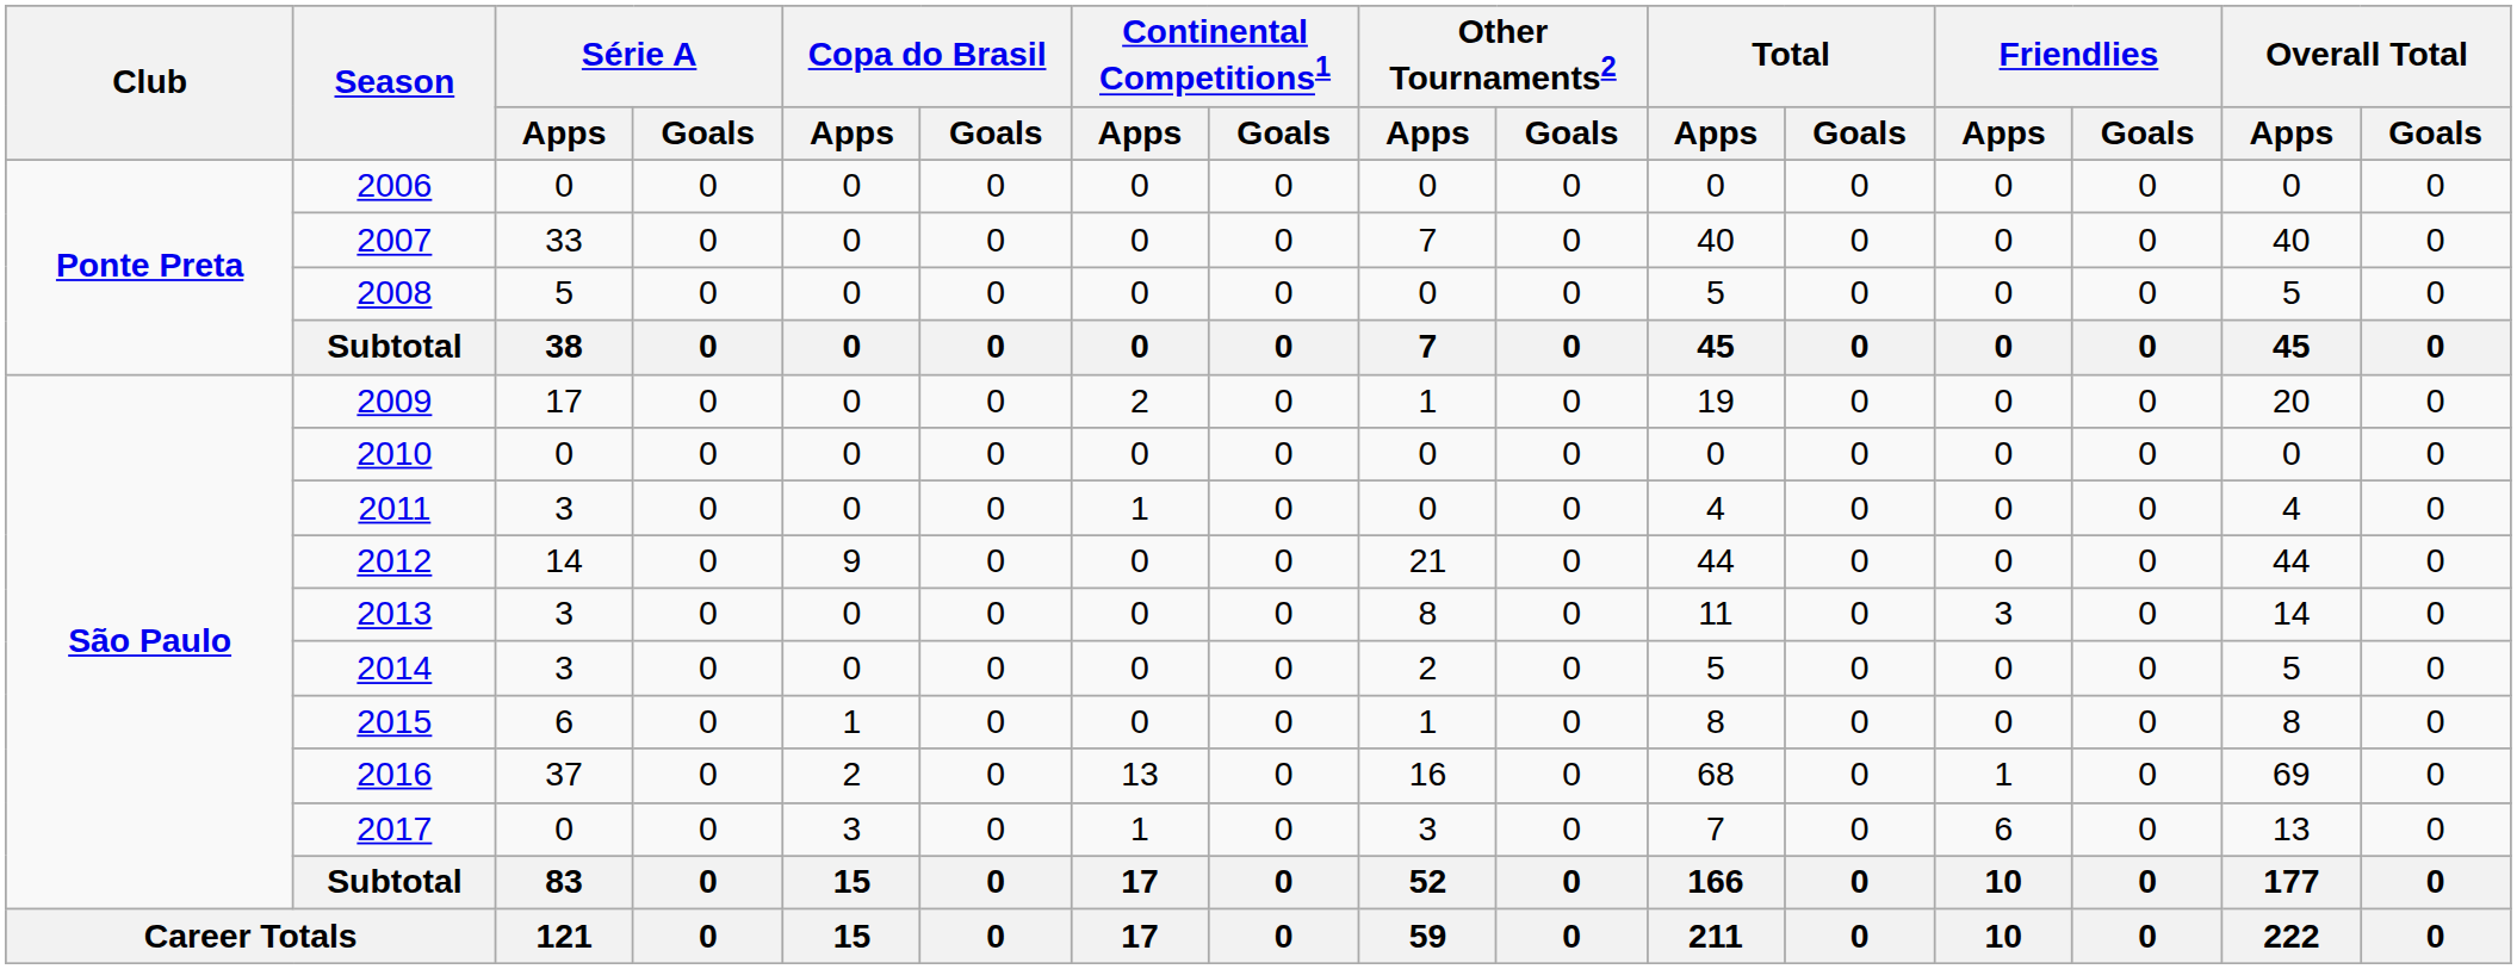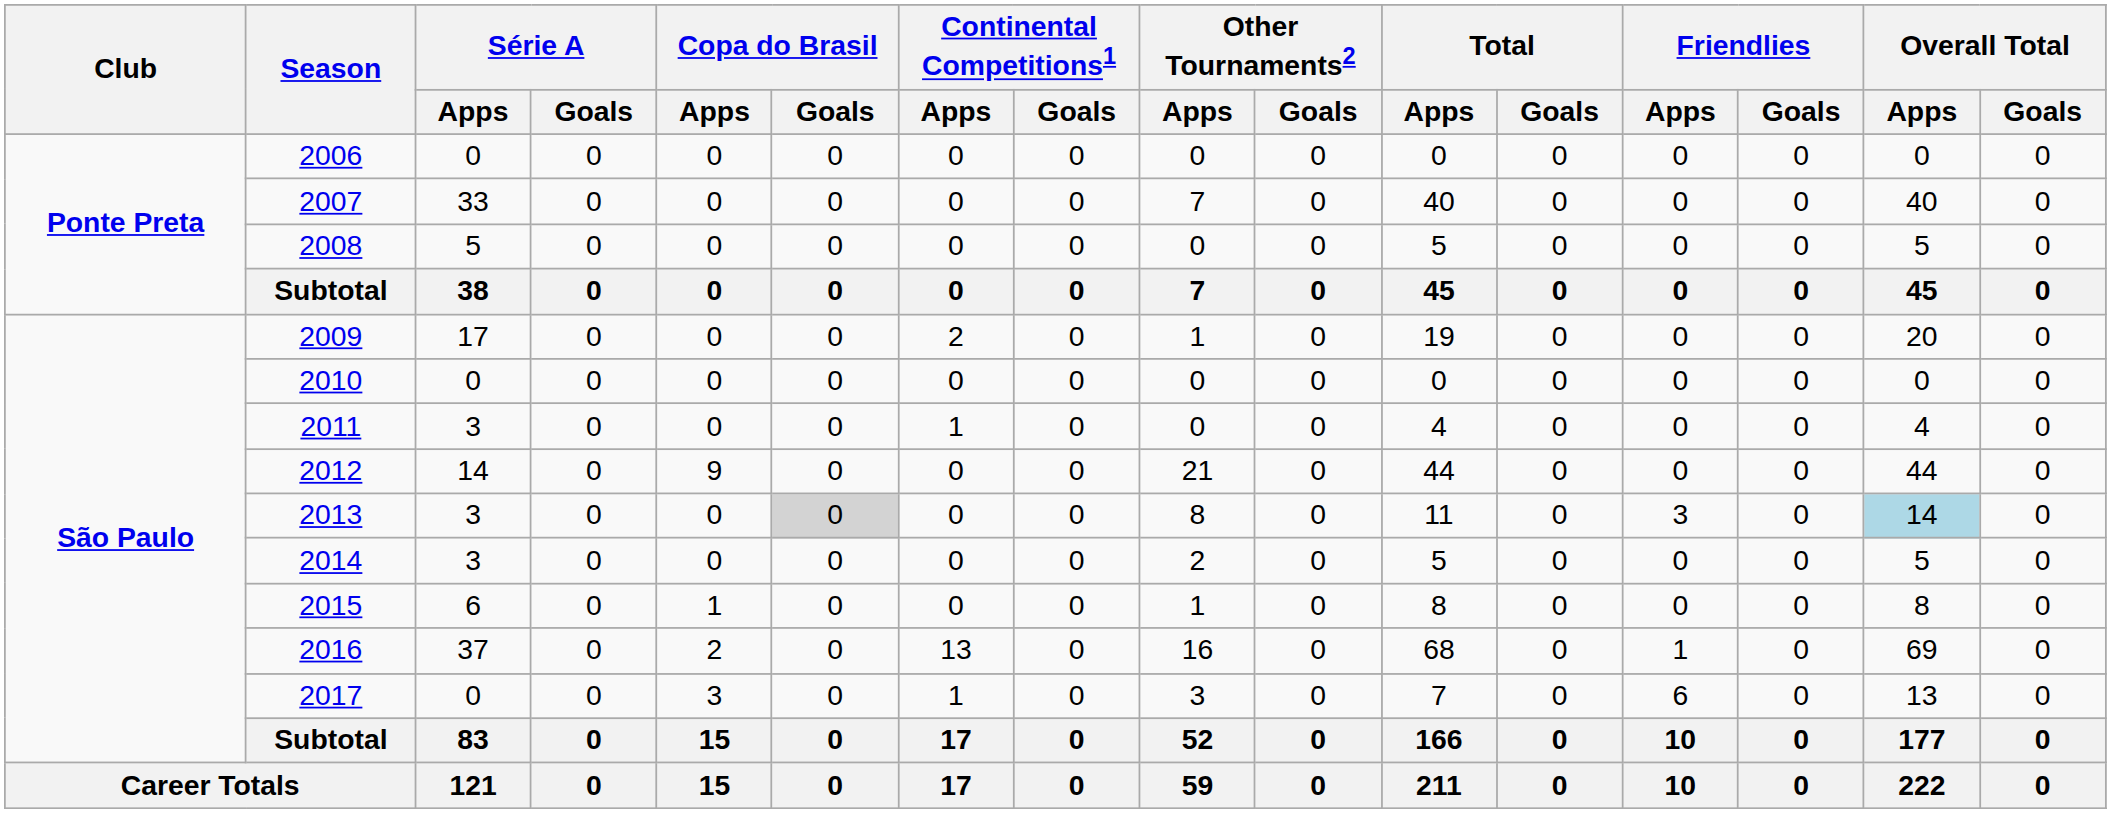 <table class="wikitable" style="clear:center; text-align:center;" width=75%>
 <tr>
 <th rowspan="2" width=10%>Club</th>
 <th rowspan="2" width=7%><a href='#'>Season</a></th>
 <th colspan="2" width=10%><a href='#'>Série A</a></th>
 <th colspan="2" width=10%><a href='#'>Copa do Brasil</a></th>
 <th colspan="2" width=10%><a href='#'>Continental<br>Competitions</a><sup><strong><a href='#'>1</a></strong></sup></th>
 <th colspan="2" width=10%>Other<br>Tournaments<sup><strong><a href='#'>2</a></strong></sup></th>
 <th colspan="2" width=10%>Total</th>
 <th colspan="2" width=10%><a href='#'>Friendlies</a></th>
 <th colspan="2" width=10%>Overall Total</th>
 </tr>
 <tr>
 <th>Apps</th>
 <th>Goals</th>
 <th>Apps</th>
 <th>Goals</th>
 <th>Apps</th>
 <th>Goals</th>
 <th>Apps</th>
 <th>Goals</th>
 <th>Apps</th>
 <th>Goals</th>
 <th>Apps</th>
 <th>Goals</th>
 <th>Apps</th>
 <th>Goals</th>
 </tr>
 <tr>
 <td rowspan="4" align=center><strong><a href='#'>Ponte Preta</a></strong></td>
 <td><a href='#'>2006</a></td>
 <td>0</td>
 <td>0</td>
 <td>0</td>
 <td>0</td>
 <td>0</td>
 <td>0</td>
 <td>0</td>
 <td>0</td>
 <td>0</td>
 <td>0</td>
 <td>0</td>
 <td>0</td>
 <td>0</td>
 <td>0</td>
 </tr>
 <tr>
 <td><a href='#'>2007</a></td>
 <td>33</td>
 <td>0</td>
 <td>0</td>
 <td>0</td>
 <td>0</td>
 <td>0</td>
 <td>7</td>
 <td>0</td>
 <td>40</td>
 <td>0</td>
 <td>0</td>
 <td>0</td>
 <td>40</td>
 <td>0</td>
 </tr>
 <tr>
 <td><a href='#'>2008</a></td>
 <td>5</td>
 <td>0</td>
 <td>0</td>
 <td>0</td>
 <td>0</td>
 <td>0</td>
 <td>0</td>
 <td>0</td>
 <td>5</td>
 <td>0</td>
 <td>0</td>
 <td>0</td>
 <td>5</td>
 <td>0</td>
 </tr>
 <tr>
 <th>Subtotal</th>
 <th>38</th>
 <th>0</th>
 <th>0</th>
 <th>0</th>
 <th>0</th>
 <th>0</th>
 <th>7</th>
 <th>0</th>
 <th>45</th>
 <th>0</th>
 <th>0</th>
 <th>0</th>
 <th>45</th>
 <th>0</th>
 </tr>
 <tr>
 <td rowspan="10" align=center><strong><a href='#'>São Paulo</a></strong></td>
 <td><a href='#'>2009</a></td>
 <td>17</td>
 <td>0</td>
 <td>0</td>
 <td>0</td>
 <td>2</td>
 <td>0</td>
 <td>1</td>
 <td>0</td>
 <td>19</td>
 <td>0</td>
 <td>0</td>
 <td>0</td>
 <td>20</td>
 <td>0</td>
 </tr>
 <tr>
 <td><a href='#'>2010</a></td>
 <td>0</td>
 <td>0</td>
 <td>0</td>
 <td>0</td>
 <td>0</td>
 <td>0</td>
 <td>0</td>
 <td>0</td>
 <td>0</td>
 <td>0</td>
 <td>0</td>
 <td>0</td>
 <td>0</td>
 <td>0</td>
 </tr>
 <tr>
 <td><a href='#'>2011</a></td>
 <td>3</td>
 <td>0</td>
 <td>0</td>
 <td>0</td>
 <td>1</td>
 <td>0</td>
 <td>0</td>
 <td>0</td>
 <td>4</td>
 <td>0</td>
 <td>0</td>
 <td>0</td>
 <td>4</td>
 <td>0</td>
 </tr>
 <tr>
 <td><a href='#'>2012</a></td>
 <td>14</td>
 <td>0</td>
 <td>9</td>
 <td>0</td>
 <td>0</td>
 <td>0</td>
 <td>21</td>
 <td>0</td>
 <td>44</td>
 <td>0</td>
 <td>0</td>
 <td>0</td>
 <td>44</td>
 <td>0</td>
 </tr>
 <tr>
 <td><a href='#'>2013</a></td>
 <td>3</td>
 <td>0</td>
 <td>0</td>
-<td>0</td>
+<td style="background: lightgrey;">0</td>
 <td>0</td>
 <td>0</td>
 <td>8</td>
 <td>0</td>
 <td>11</td>
 <td>0</td>
 <td>3</td>
 <td>0</td>
-<td>14</td>
+<td style="background: lightblue;">14</td>
 <td>0</td>
 </tr>
 <tr>
 <td><a href='#'>2014</a></td>
 <td>3</td>
 <td>0</td>
 <td>0</td>
 <td>0</td>
 <td>0</td>
 <td>0</td>
 <td>2</td>
 <td>0</td>
 <td>5</td>
 <td>0</td>
 <td>0</td>
 <td>0</td>
 <td>5</td>
 <td>0</td>
 </tr>
 <tr>
 <td><a href='#'>2015</a></td>
 <td>6</td>
 <td>0</td>
 <td>1</td>
 <td>0</td>
 <td>0</td>
 <td>0</td>
 <td>1</td>
 <td>0</td>
 <td>8</td>
 <td>0</td>
 <td>0</td>
 <td>0</td>
 <td>8</td>
 <td>0</td>
 </tr>
 <tr>
 <td><a href='#'>2016</a></td>
 <td>37</td>
 <td>0</td>
 <td>2</td>
 <td>0</td>
 <td>13</td>
 <td>0</td>
 <td>16</td>
 <td>0</td>
 <td>68</td>
 <td>0</td>
 <td>1</td>
 <td>0</td>
 <td>69</td>
 <td>0</td>
 </tr>
 <tr>
 <td><a href='#'>2017</a></td>
 <td>0</td>
 <td>0</td>
 <td>3</td>
 <td>0</td>
 <td>1</td>
 <td>0</td>
 <td>3</td>
 <td>0</td>
 <td>7</td>
 <td>0</td>
 <td>6</td>
 <td>0</td>
 <td>13</td>
 <td>0</td>
 </tr>
 <tr>
 <th>Subtotal</th>
 <th>83</th>
 <th>0</th>
 <th>15</th>
 <th>0</th>
 <th>17</th>
 <th>0</th>
 <th>52</th>
 <th>0</th>
 <th>166</th>
 <th>0</th>
 <th>10</th>
 <th>0</th>
 <th>177</th>
 <th>0</th>
 </tr>
 <tr>
 <th colspan="2">Career Totals</th>
 <th>121</th>
 <th>0</th>
 <th>15</th>
 <th>0</th>
 <th>17</th>
 <th>0</th>
 <th>59</th>
 <th>0</th>
 <th>211</th>
 <th>0</th>
 <th>10</th>
 <th>0</th>
 <th>222</th>
 <th>0</th>
 </tr>
 <tr>
 </tr>
 </table>
